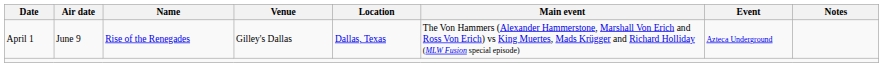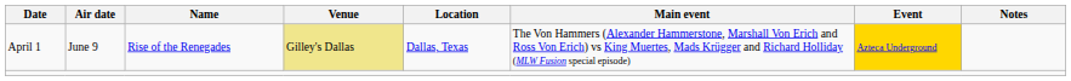 <table class="sortable wikitable succession-box" style="font-size:85%; font-size:85%">
 <tr>
 <th scope="col" width="70">Date</th>
 <th scope="col" width="70">Air date</th>
 <th scope="col" width="200">Name</th>
 <th scope="col" width="150">Venue</th>
 <th scope="col" width="130">Location</th>
 <th scope="col" width="450">Main event</th>
 <th scope="col" width="130">Event</th>
 <th scope="col" width="130">Notes</th>
 </tr>
 <tr>
 <td>April 1</td>
 <td>June 9</td>
 <td><a href='#'>Rise of the Renegades</a></td>
-<td>Gilley's Dallas</td>
+<td style="background: khaki;">Gilley's Dallas</td>
 <td><a href='#'>Dallas, Texas</a></td>
 <td>The Von Hammers (<a href='#'>Alexander Hammerstone</a>, <a href='#'>Marshall Von Erich</a> and <a href='#'>Ross Von Erich</a>) vs <a href='#'>King Muertes</a>, <a href='#'>Mads Krügger</a> and <a href='#'>Richard Holliday</a><br><small>(<em><a href='#'>MLW Fusion</a></em> special episode)</small></td>
-<td><small><a href='#'>Azteca Underground</a></small></td>
+<td style="background: gold;"><small><a href='#'>Azteca Underground</a></small></td>
 </tr>
 <tr>
 <td colspan="8"></td>
 </tr>
 </table>
